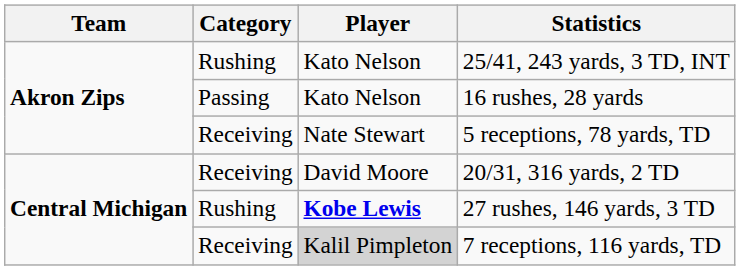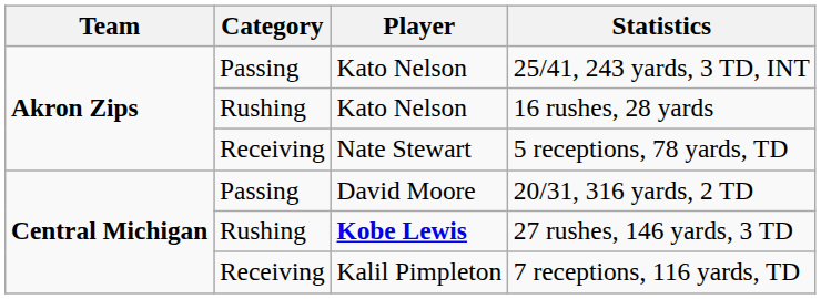 <table class="wikitable" style="float: left;">
 <tr>
 <th>Team</th>
 <th>Category</th>
 <th>Player</th>
 <th>Statistics</th>
 </tr>
 <tr>
 <td rowspan=3><strong>Akron Zips</strong></td>
-<td>Rushing</td>
+<td>Passing</td>
 <td>Kato Nelson</td>
 <td>25/41, 243 yards, 3 TD, INT</td>
 </tr>
 <tr>
-<td>Passing</td>
+<td>Rushing</td>
 <td>Kato Nelson</td>
 <td>16 rushes, 28 yards</td>
 </tr>
 <tr>
 <td>Receiving</td>
 <td>Nate Stewart</td>
 <td>5 receptions, 78 yards, TD</td>
 </tr>
 <tr>
 <td rowspan=3><strong>Central Michigan</strong></td>
-<td>Receiving</td>
+<td>Passing</td>
 <td>David Moore</td>
 <td>20/31, 316 yards, 2 TD</td>
 </tr>
 <tr>
 <td>Rushing</td>
 <td><strong><a href='#'>Kobe Lewis</a></strong></td>
 <td>27 rushes, 146 yards, 3 TD</td>
 </tr>
 <tr>
 <td>Receiving</td>
-<td style="background: lightgrey;">Kalil Pimpleton</td>
+<td>Kalil Pimpleton</td>
 <td>7 receptions, 116 yards, TD</td>
 </tr>
 </table>
